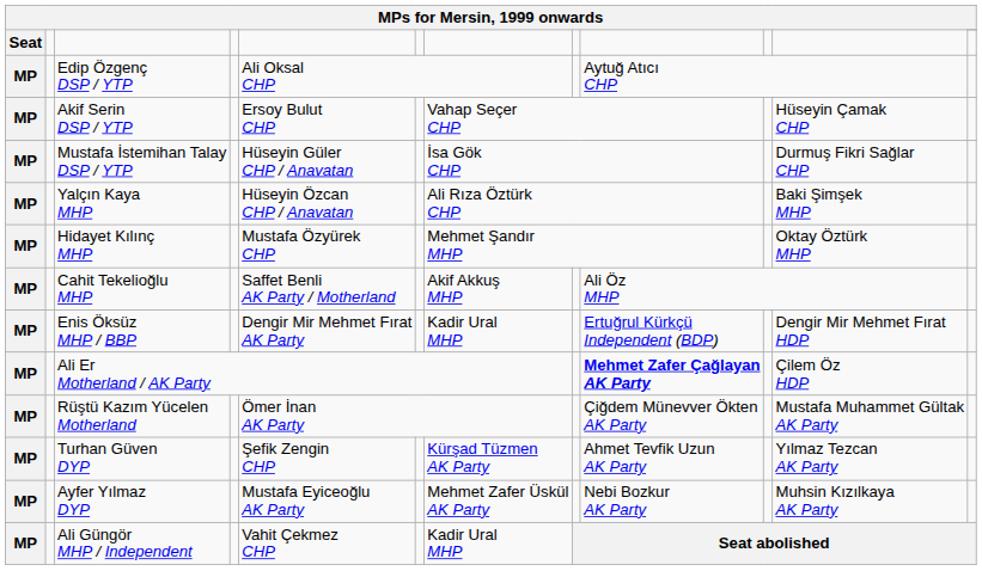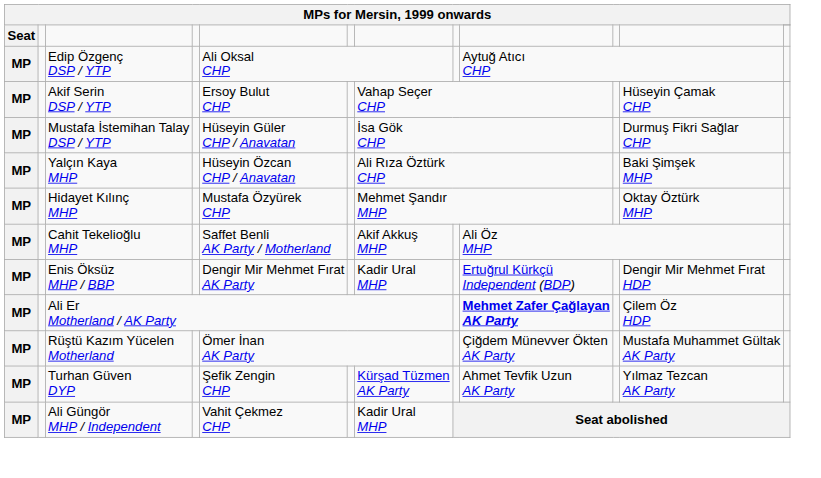 <table class="wikitable">
 <tr>
 <th colspan = 12>MPs for Mersin, 1999 onwards</th>
 </tr>
 <tr>
 <th rowspan = 2>Seat</th>
 <td rowspan="2" style="width:1px;"></td>
 <td rowspan = 2></td>
 <td rowspan="2" style="width:1px;"></td>
 <td rowspan = 2></td>
 <td rowspan="2" style="width:1px;"></td>
 <td rowspan = 2></td>
 <td rowspan="2" style="width:1px;"></td>
 <td rowspan = 2></td>
 <td rowspan="2" style="width:1px;"></td>
 <td rowspan = 2></td>
 </tr>
 <tr>
 <td></td>
 </tr>
 <tr>
 <th>MP</th>
 <td width=1px style="background-color: "></td>
 <td colspan = 1>Edip Özgenç<br><em><a href='#'>DSP</a> / <a href='#'>YTP</a></em></td>
 <td width=1px style="background-color: "></td>
 <td colspan = 3>Ali Oksal<br><em><a href='#'>CHP</a></em></td>
 <td width=1px style="background-color: "></td>
 <td colspan = 3>Aytuğ Atıcı<br><em><a href='#'>CHP</a></em></td>
 <td width=1px style="background-color: "></td>
 </tr>
 <tr>
 <th>MP</th>
 <td width=1px style="background-color: "></td>
 <td colspan = 1>Akif Serin<br><em><a href='#'>DSP</a> / <a href='#'>YTP</a></em></td>
 <td width=1px style="background-color: "></td>
 <td colspan = 1>Ersoy Bulut<br><em><a href='#'>CHP</a></em></td>
 <td width=1px style="background-color: "></td>
 <td colspan = 3>Vahap Seçer<br><em><a href='#'>CHP</a></em></td>
 <td width=1px style="background-color: "></td>
 <td colspan = 1>Hüseyin Çamak<br><em><a href='#'>CHP</a></em></td>
 <td width=1px style="background-color: "></td>
 </tr>
 <tr>
 <th>MP</th>
 <td width=1px style="background-color: "></td>
 <td colspan = 1>Mustafa İstemihan Talay<br><em><a href='#'>DSP</a> / <a href='#'>YTP</a></em></td>
 <td width=1px style="background-color: "></td>
 <td colspan = 1>Hüseyin Güler<br><em><a href='#'>CHP</a> / <a href='#'>Anavatan</a></em></td>
 <td width=1px style="background-color: "></td>
 <td colspan = 3>İsa Gök<br><em><a href='#'>CHP</a></em></td>
 <td width=1px style="background-color: "></td>
 <td colspan = 1>Durmuş Fikri Sağlar<br><em><a href='#'>CHP</a></em></td>
 <td width=1px style="background-color: "></td>
 </tr>
 <tr>
 <th>MP</th>
 <td width=1px style="background-color: "></td>
 <td colspan = 1>Yalçın Kaya<br><em><a href='#'>MHP</a></em></td>
 <td width=1px style="background-color: "></td>
 <td colspan = 1>Hüseyin Özcan<br><em><a href='#'>CHP</a> / <a href='#'>Anavatan</a></em></td>
 <td width=1px style="background-color: "></td>
 <td colspan = 3>Ali Rıza Öztürk<br><em><a href='#'>CHP</a></em></td>
 <td width=1px style="background-color: "></td>
 <td colspan = 1>Baki Şimşek<br><em><a href='#'>MHP</a></em></td>
 <td width=1px style="background-color: "></td>
 </tr>
 <tr>
 <th>MP</th>
 <td width=1px style="background-color: "></td>
 <td colspan = 1>Hidayet Kılınç<br><em><a href='#'>MHP</a></em></td>
 <td width=1px style="background-color: "></td>
 <td colspan = 1>Mustafa Özyürek<br><em><a href='#'>CHP</a></em></td>
 <td width=1px style="background-color: "></td>
 <td colspan = 3>Mehmet Şandır<br><em><a href='#'>MHP</a></em></td>
 <td width=1px style="background-color: "></td>
 <td colspan = 1>Oktay Öztürk<br><em><a href='#'>MHP</a></em></td>
 <td width=1px style="background-color: "></td>
 </tr>
 <tr>
 <th>MP</th>
 <td width=1px style="background-color: "></td>
 <td colspan = 1>Cahit Tekelioğlu<br><em><a href='#'>MHP</a></em></td>
 <td width=1px style="background-color: "></td>
 <td colspan = 1>Saffet Benli<br><em><a href='#'>AK Party</a> / <a href='#'>Motherland</a></em></td>
 <td width=1px style="background-color: "></td>
 <td colspan = 1>Akif Akkuş<br><em><a href='#'>MHP</a></em></td>
 <td width=1px style="background-color: "></td>
 <td colspan = 3>Ali Öz<br><em><a href='#'>MHP</a></em></td>
 <td width=1px style="background-color: "></td>
 </tr>
 <tr>
 <th>MP</th>
 <td width=1px style="background-color: "></td>
 <td colspan = 1>Enis Öksüz<br><em><a href='#'>MHP</a> / <a href='#'>BBP</a></em></td>
 <td width=1px style="background-color: "></td>
 <td colspan = 1>Dengir Mir Mehmet Fırat<br><em><a href='#'>AK Party</a></em></td>
 <td width=1px style="background-color: "></td>
 <td colspan = 1>Kadir Ural<br><em><a href='#'>MHP</a></em></td>
 <td width=1px style="background-color: "></td>
 <td colspan = 1><a href='#'>Ertuğrul Kürkçü</a><br><em><a href='#'>Independent</a> (<a href='#'>BDP</a>)</em></td>
 <td width=1px style="background-color: "></td>
 <td colspan = 1>Dengir Mir Mehmet Fırat<br><em><a href='#'>HDP</a></em></td>
 <td width=1px style="background-color: "></td>
 </tr>
 <tr>
 <th>MP</th>
 <td width=1px style="background-color: "></td>
 <td colspan = 5>Ali Er<br><em><a href='#'>Motherland</a> / <a href='#'>AK Party</a></em></td>
 <td width=1px style="background-color: "></td>
 <td colspan = 1><strong><a href='#'>Mehmet Zafer Çağlayan</a><br><em><a href='#'>AK Party</a></em></strong></td>
 <td width=1px style="background-color: "></td>
 <td colspan = 1>Çilem Öz<br><em><a href='#'>HDP</a></em></td>
 <td width=1px style="background-color: "></td>
 </tr>
 <tr>
 <th>MP</th>
 <td width=1px style="background-color: "></td>
 <td colspan = 1>Rüştü Kazım Yücelen<br><em><a href='#'>Motherland</a></em></td>
 <td width=1px style="background-color: "></td>
 <td colspan = 3>Ömer İnan<br><em><a href='#'>AK Party</a></em></td>
 <td width=1px style="background-color: "></td>
 <td colspan = 1>Çiğdem Münevver Ökten<br><em><a href='#'>AK Party</a></em></td>
 <td width=1px style="background-color: "></td>
 <td colspan = 1>Mustafa Muhammet Gültak<br><em><a href='#'>AK Party</a></em></td>
 <td width=1px style="background-color: "></td>
 </tr>
 <tr>
 <th>MP</th>
 <td width=1px style="background-color: "></td>
 <td colspan = 1>Turhan Güven<br><em><a href='#'>DYP</a></em></td>
 <td width=1px style="background-color: "></td>
 <td colspan = 1>Şefik Zengin<br><em><a href='#'>CHP</a></em></td>
 <td width=1px style="background-color: "></td>
 <td colspan = 1><a href='#'>Kürşad Tüzmen</a><br><em><a href='#'>AK Party</a></em></td>
 <td width=1px style="background-color: "></td>
 <td colspan = 1>Ahmet Tevfik Uzun<br><em><a href='#'>AK Party</a></em></td>
 <td width=1px style="background-color: "></td>
 <td colspan = 1>Yılmaz Tezcan<br><em><a href='#'>AK Party</a></em></td>
 <td width=1px style="background-color: "></td>
 </tr>
 <tr>
 <th>MP</th>
 <td width=1px style="background-color: "></td>
-<td colspan = 1>Ayfer Yılmaz<br><em><a href='#'>DYP</a></em></td>
-<td width=1px style="background-color: "></td>
-<td colspan = 1>Mustafa Eyiceoğlu<br><em><a href='#'>AK Party</a></em></td>
-<td width=1px style="background-color: "></td>
-<td colspan = 1>Mehmet Zafer Üskül<br><em><a href='#'>AK Party</a></em></td>
-<td width=1px style="background-color: "></td>
-<td colspan = 1>Nebi Bozkur<br><em><a href='#'>AK Party</a></em></td>
-<td width=1px style="background-color: "></td>
-<td colspan = 1>Muhsin Kızılkaya<br><em><a href='#'>AK Party</a></em></td>
-<td width=1px style="background-color: "></td>
-</tr>
-<tr>
-<th>MP</th>
-<td width=1px style="background-color: "></td>
 <td colspan = 1>Ali Güngör<br><em><a href='#'>MHP</a> / <a href='#'>Independent</a></em></td>
 <td width=1px style="background-color: "></td>
 <td colspan = 1>Vahit Çekmez<br><em><a href='#'>CHP</a></em></td>
 <td width=1px style="background-color: "></td>
 <td colspan = 1>Kadir Ural<br><em><a href='#'>MHP</a></em></td>
 <th colspan = 5>Seat abolished</th>
 </tr>
 </table>
